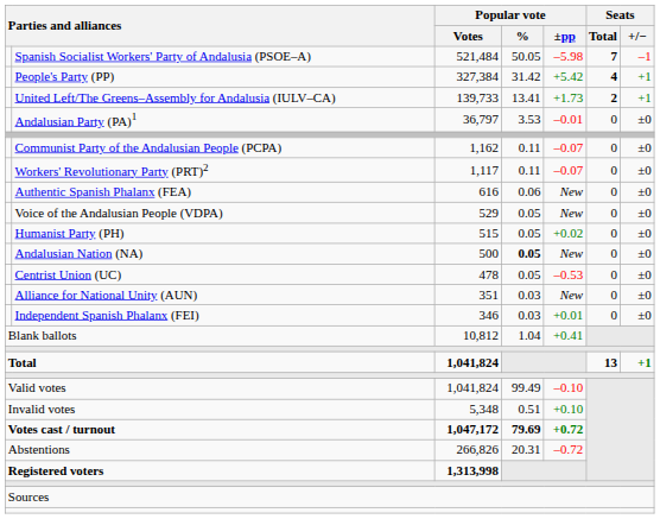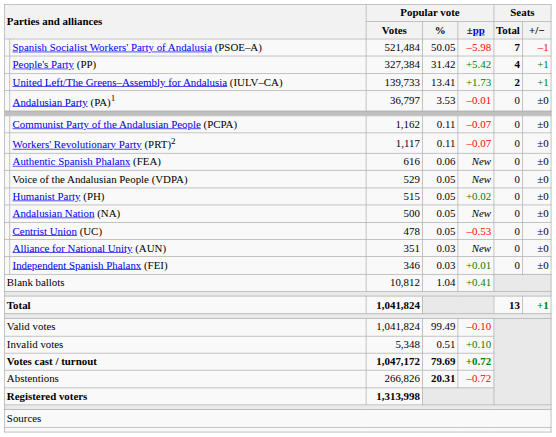 <table class="wikitable" style="text-align:right;">
 <tr>
 <th style="text-align:left;" rowspan="2" colspan="2" width="525">Parties and alliances</th>
 <th colspan="3">Popular vote</th>
 <th colspan="2">Seats</th>
 </tr>
 <tr>
 <th width="75">Votes</th>
 <th width="45">%</th>
 <th width="45">±<a href='#'>pp</a></th>
 <th width="35">Total</th>
 <th width="35">+/−</th>
 </tr>
 <tr>
 <td width="1" style="color:inherit;background:"></td>
 <td align="left"><a href='#'>Spanish Socialist Workers' Party of Andalusia</a> (PSOE–A)</td>
 <td>521,484</td>
 <td>50.05</td>
 <td style="color:red;">–5.98</td>
 <td><strong>7</strong></td>
 <td style="color:red;">–1</td>
 </tr>
 <tr>
 <td style="color:inherit;background:"></td>
 <td align="left"><a href='#'>People's Party</a> (PP)</td>
 <td>327,384</td>
 <td>31.42</td>
 <td style="color:green;">+5.42</td>
 <td><strong>4</strong></td>
 <td style="color:green;">+1</td>
 </tr>
 <tr>
 <td style="color:inherit;background:"></td>
 <td align="left"><a href='#'>United Left/The Greens–Assembly for Andalusia</a> (IULV–CA)</td>
 <td>139,733</td>
 <td>13.41</td>
 <td style="color:green;">+1.73</td>
 <td><strong>2</strong></td>
 <td style="color:green;">+1</td>
 </tr>
 <tr>
 <td style="color:inherit;background:"></td>
 <td align="left"><a href='#'>Andalusian Party</a> (PA)<sup>1</sup></td>
 <td>36,797</td>
 <td>3.53</td>
 <td style="color:red;">–0.01</td>
 <td>0</td>
 <td>±0</td>
 </tr>
 <tr>
 <td colspan="7" bgcolor="#C0C0C0"></td>
 </tr>
 <tr>
 <td style="color:inherit;background:"></td>
 <td align="left"><a href='#'>Communist Party of the Andalusian People</a> (PCPA)</td>
 <td>1,162</td>
 <td>0.11</td>
 <td style="color:red;">–0.07</td>
 <td>0</td>
 <td>±0</td>
 </tr>
 <tr>
 <td style="color:inherit;background:"></td>
 <td align="left"><a href='#'>Workers' Revolutionary Party</a> (PRT)<sup>2</sup></td>
 <td>1,117</td>
 <td>0.11</td>
 <td style="color:red;">–0.07</td>
 <td>0</td>
 <td>±0</td>
 </tr>
 <tr>
 <td style="color:inherit;background:"></td>
 <td align="left"><a href='#'>Authentic Spanish Phalanx</a> (FEA)</td>
 <td>616</td>
 <td>0.06</td>
 <td><em>New</em></td>
 <td>0</td>
 <td>±0</td>
 </tr>
 <tr>
 <td style="color:inherit;background:"></td>
 <td align="left">Voice of the Andalusian People (VDPA)</td>
 <td>529</td>
 <td>0.05</td>
 <td><em>New</em></td>
 <td>0</td>
 <td>±0</td>
 </tr>
 <tr>
 <td style="color:inherit;background:"></td>
 <td align="left"><a href='#'>Humanist Party</a> (PH)</td>
 <td>515</td>
 <td>0.05</td>
 <td style="color:green;">+0.02</td>
 <td>0</td>
 <td>±0</td>
 </tr>
 <tr>
 <td style="color:inherit;background:"></td>
 <td align="left"><a href='#'>Andalusian Nation</a> (NA)</td>
 <td>500</td>
-<td><strong>0.05</strong></td>
+<td>0.05</td>
 <td><em>New</em></td>
 <td>0</td>
 <td>±0</td>
 </tr>
 <tr>
 <td style="color:inherit;background:"></td>
 <td align="left"><a href='#'>Centrist Union</a> (UC)</td>
 <td>478</td>
 <td>0.05</td>
 <td style="color:red;">–0.53</td>
 <td>0</td>
 <td>±0</td>
 </tr>
 <tr>
 <td style="color:inherit;background:"></td>
 <td align="left"><a href='#'>Alliance for National Unity</a> (AUN)</td>
 <td>351</td>
 <td>0.03</td>
 <td><em>New</em></td>
 <td>0</td>
 <td>±0</td>
 </tr>
 <tr>
 <td style="color:inherit;background:"></td>
 <td align="left"><a href='#'>Independent Spanish Phalanx</a> (FEI)</td>
 <td>346</td>
 <td>0.03</td>
 <td style="color:green;">+0.01</td>
 <td>0</td>
 <td>±0</td>
 </tr>
 <tr>
 <td align="left" colspan="2">Blank ballots</td>
 <td>10,812</td>
 <td>1.04</td>
 <td style="color:green;">+0.41</td>
 <td bgcolor="#E9E9E9" colspan="2"></td>
 </tr>
 <tr>
 <td colspan="7" bgcolor="#E9E9E9"></td>
 </tr>
 <tr style="font-weight:bold;">
 <td align="left" colspan="2">Total</td>
 <td>1,041,824</td>
 <td bgcolor="#E9E9E9" colspan="2"></td>
 <td>13</td>
 <td style="color:green;">+1</td>
 </tr>
 <tr>
 <td colspan="7" bgcolor="#E9E9E9"></td>
 </tr>
 <tr>
 <td align="left" colspan="2">Valid votes</td>
 <td>1,041,824</td>
 <td>99.49</td>
 <td style="color:red;">–0.10</td>
 <td bgcolor="#E9E9E9" colspan="2" rowspan="5"></td>
 </tr>
 <tr>
 <td align="left" colspan="2">Invalid votes</td>
 <td>5,348</td>
 <td>0.51</td>
 <td style="color:green;">+0.10</td>
 </tr>
 <tr style="font-weight:bold;">
 <td align="left" colspan="2">Votes cast / turnout</td>
 <td>1,047,172</td>
 <td>79.69</td>
 <td style="color:green;">+0.72</td>
 </tr>
 <tr>
 <td align="left" colspan="2">Abstentions</td>
 <td>266,826</td>
-<td>20.31</td>
+<td><strong>20.31</strong></td>
 <td style="color:red;">–0.72</td>
 </tr>
 <tr style="font-weight:bold;">
 <td align="left" colspan="2">Registered voters</td>
 <td>1,313,998</td>
 <td bgcolor="#E9E9E9" colspan="2"></td>
 </tr>
 <tr>
 <td colspan="7" bgcolor="#E9E9E9"></td>
 </tr>
 <tr>
 <td align="left" colspan="7">Sources</td>
 </tr>
 <tr>
 <td colspan="7" style="text-align:left; max-width:790px;"></td>
 </tr>
 </table>
